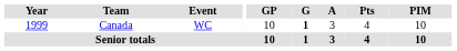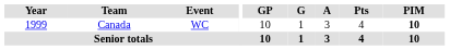 <table border="0" cellpadding="1" cellspacing="0" ID="Table3" style="text-align:center; width:40em">
 <tr bgcolor="#e0e0e0">
 <th>Year</th>
 <th>Team</th>
 <th>Event</th>
 <th rowspan="102" bgcolor="#ffffff"></th>
 <th>GP</th>
 <th>G</th>
 <th>A</th>
 <th>Pts</th>
 <th>PIM</th>
 </tr>
 <tr>
 <td><a href='#'>1999</a></td>
 <td><a href='#'>Canada</a></td>
 <td><a href='#'>WC</a></td>
 <td>10</td>
-<td><strong>1</strong></td>
+<td>1</td>
 <td>3</td>
 <td>4</td>
-<td>10</td>
+<td><strong>10</strong></td>
 </tr>
 <tr bgcolor="#e0e0e0">
 <th colspan="4">Senior totals</th>
 <th>10</th>
 <th>1</th>
 <th>3</th>
 <th>4</th>
 <th>10</th>
 </tr>
 </table>
